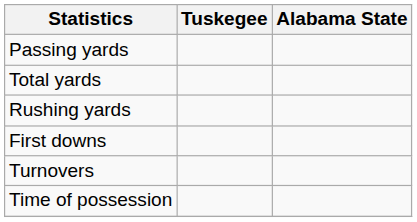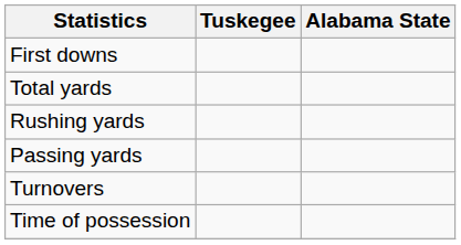 <table class="wikitable">
 <tr>
 <th>Statistics</th>
 <th>Tuskegee</th>
 <th>Alabama State</th>
 </tr>
 <tr>
-<td>Passing yards</td>
+<td>First downs</td>
 <td> </td>
 <td> </td>
 </tr>
 <tr>
 <td>Total yards</td>
 <td> </td>
 <td> </td>
 </tr>
 <tr>
 <td>Rushing yards</td>
 <td> </td>
 <td> </td>
 </tr>
 <tr>
-<td>First downs</td>
+<td>Passing yards</td>
 <td> </td>
 <td> </td>
 </tr>
 <tr>
 <td>Turnovers</td>
 <td> </td>
 <td> </td>
 </tr>
 <tr>
 <td>Time of possession</td>
 <td> </td>
 <td> </td>
 </tr>
 <tr>
 </tr>
 </table>
